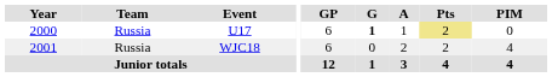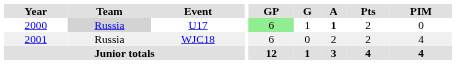 <table border="0" cellpadding="1" cellspacing="0" ID="Table3" style="text-align:center; width:40em">
 <tr ALIGN="center" bgcolor="#e0e0e0">
 <th>Year</th>
 <th>Team</th>
 <th>Event</th>
 <th rowspan="99" bgcolor="#ffffff"></th>
 <th>GP</th>
 <th>G</th>
 <th>A</th>
 <th>Pts</th>
 <th>PIM</th>
 </tr>
 <tr>
 <td><a href='#'>2000</a></td>
-<td><a href='#'>Russia</a></td>
+<td style="background: lightgrey;"><a href='#'>Russia</a></td>
 <td><a href='#'>U17</a></td>
-<td>6</td>
+<td style="background: lightgreen;">6</td>
+<td>1</td>
 <td><strong>1</strong></td>
-<td>1</td>
-<td style="background: khaki;">2</td>
+<td>2</td>
 <td>0</td>
 </tr>
 <tr bgcolor="#f0f0f0">
 <td><a href='#'>2001</a></td>
 <td>Russia</td>
 <td><a href='#'>WJC18</a></td>
 <td>6</td>
 <td>0</td>
 <td>2</td>
 <td>2</td>
 <td>4</td>
 </tr>
 <tr bgcolor="#e0e0e0">
 <th colspan="3">Junior totals</th>
 <th>12</th>
 <th>1</th>
 <th>3</th>
 <th>4</th>
 <th>4</th>
 </tr>
 </table>
